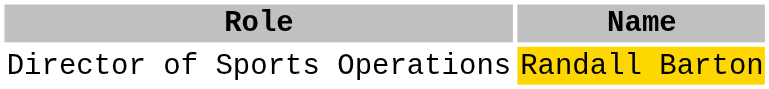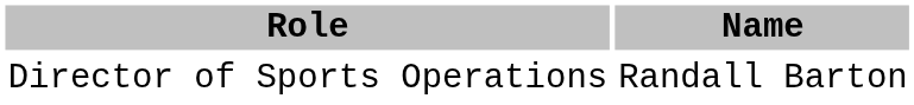 <table class="toccolours">
 <tr>
 <th style="background:silver;">Role</th>
 <th style="background:silver;">Name</th>
 </tr>
 <tr>
 <td>Director of Sports Operations</td>
-<td style="background: gold;"> Randall Barton</td>
+<td> Randall Barton</td>
 </tr>
 </table>
